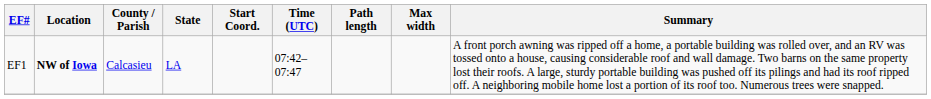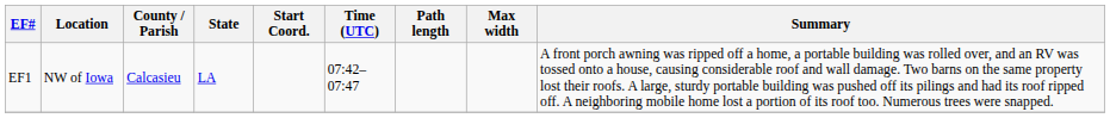 <table class="wikitable sortable" style="width:100%;">
 <tr>
 <th scope="col"  style="width:3%; text-align:center;"><a href='#'>EF#</a></th>
 <th scope="col"  style="width:7%; text-align:center;" class="unsortable">Location</th>
 <th scope="col"  style="width:6%; text-align:center;" class="unsortable">County / Parish</th>
 <th scope="col"  style="width:5%; text-align:center;">State</th>
 <th scope="col"  style="width:6%; text-align:center;">Start Coord.</th>
 <th scope="col"  style="width:6%; text-align:center;">Time (<a href='#'>UTC</a>)</th>
 <th scope="col"  style="width:6%; text-align:center;">Path length</th>
 <th scope="col"  style="width:6%; text-align:center;">Max width</th>
 <th scope="col" class="unsortable" style="width:48%; text-align:center;">Summary</th>
 </tr>
 <tr>
 <td bgcolor=>EF1</td>
-<td><strong>NW of <a href='#'>Iowa</a></strong></td>
+<td>NW of <a href='#'>Iowa</a></td>
 <td><a href='#'>Calcasieu</a></td>
 <td><a href='#'>LA</a></td>
 <td></td>
 <td>07:42–07:47</td>
 <td></td>
 <td></td>
 <td>A front porch awning was ripped off a home, a portable building was rolled over, and an RV was tossed onto a house, causing considerable roof and wall damage. Two barns on the same property lost their roofs. A large, sturdy portable building was pushed off its pilings and had its roof ripped off. A neighboring mobile home lost a portion of its roof too. Numerous trees were snapped.</td>
 </tr>
 <tr>
 </tr>
 </table>
